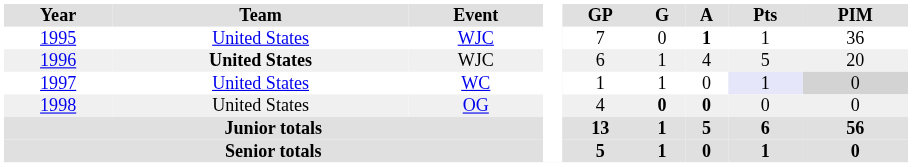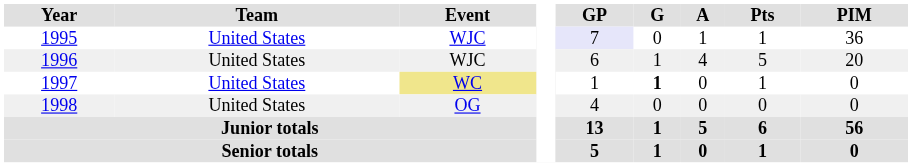 <table border="0" cellpadding="1" cellspacing="0" style="text-align:center; width:50em">
 <tr ALIGN="center" bgcolor="#e0e0e0">
 <th>Year</th>
 <th>Team</th>
 <th>Event</th>
 <th ALIGN="center" rowspan="99" bgcolor="#ffffff"> </th>
 <th>GP</th>
 <th>G</th>
 <th>A</th>
 <th>Pts</th>
 <th>PIM</th>
 </tr>
 <tr>
 <td><a href='#'>1995</a></td>
 <td><a href='#'>United States</a></td>
 <td><a href='#'>WJC</a></td>
-<td>7</td>
+<td style="background: lavender;">7</td>
 <td>0</td>
-<td><strong>1</strong></td>
+<td>1</td>
 <td>1</td>
 <td>36</td>
 </tr>
 <tr bgcolor="#f0f0f0">
 <td><a href='#'>1996</a></td>
-<td><strong>United States</strong></td>
+<td>United States</td>
 <td>WJC</td>
 <td>6</td>
 <td>1</td>
 <td>4</td>
 <td>5</td>
 <td>20</td>
 </tr>
 <tr>
 <td><a href='#'>1997</a></td>
 <td><a href='#'>United States</a></td>
-<td><a href='#'>WC</a></td>
+<td style="background: khaki;"><a href='#'>WC</a></td>
 <td>1</td>
+<td><strong>1</strong></td>
+<td>0</td>
 <td>1</td>
 <td>0</td>
-<td style="background: lavender;">1</td>
-<td style="background: lightgrey;">0</td>
 </tr>
 <tr bgcolor="#f0f0f0">
 <td><a href='#'>1998</a></td>
 <td>United States</td>
 <td><a href='#'>OG</a></td>
 <td>4</td>
-<td><strong>0</strong></td>
-<td><strong>0</strong></td>
+<td>0</td>
+<td>0</td>
 <td>0</td>
 <td>0</td>
 </tr>
 <tr bgcolor="#e0e0e0">
 <th colspan="3">Junior totals</th>
 <th>13</th>
 <th>1</th>
 <th>5</th>
 <th>6</th>
 <th>56</th>
 </tr>
 <tr bgcolor="#e0e0e0">
 <th colspan="3">Senior totals</th>
 <th>5</th>
 <th>1</th>
 <th>0</th>
 <th>1</th>
 <th>0</th>
 </tr>
 </table>
